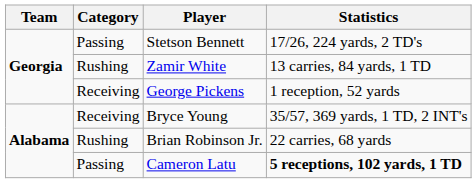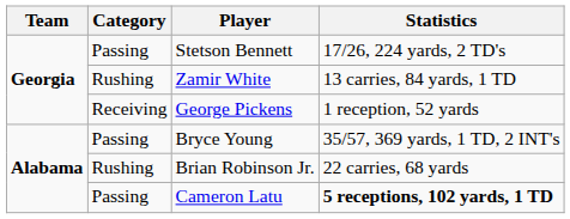 <table class="wikitable" style="float: right;">
 <tr>
 <th>Team</th>
 <th>Category</th>
 <th>Player</th>
 <th>Statistics</th>
 </tr>
 <tr>
 <td rowspan=3><strong>Georgia</strong></td>
 <td>Passing</td>
 <td>Stetson Bennett</td>
 <td>17/26, 224 yards, 2 TD's</td>
 </tr>
 <tr>
 <td>Rushing</td>
 <td><a href='#'>Zamir White</a></td>
 <td>13 carries, 84 yards, 1 TD</td>
 </tr>
 <tr>
 <td>Receiving</td>
 <td><a href='#'>George Pickens</a></td>
 <td>1 reception, 52 yards</td>
 </tr>
 <tr>
 <td rowspan=3><strong>Alabama</strong></td>
-<td>Receiving</td>
+<td>Passing</td>
 <td>Bryce Young</td>
 <td>35/57, 369 yards, 1 TD, 2 INT's</td>
 </tr>
 <tr>
 <td>Rushing</td>
 <td>Brian Robinson Jr.</td>
 <td>22 carries, 68 yards</td>
 </tr>
 <tr>
 <td>Passing</td>
 <td><a href='#'>Cameron Latu</a></td>
 <td><strong>5 receptions, 102 yards, 1 TD</strong></td>
 </tr>
 </table>
